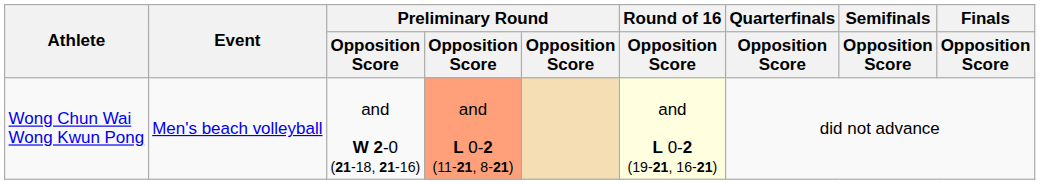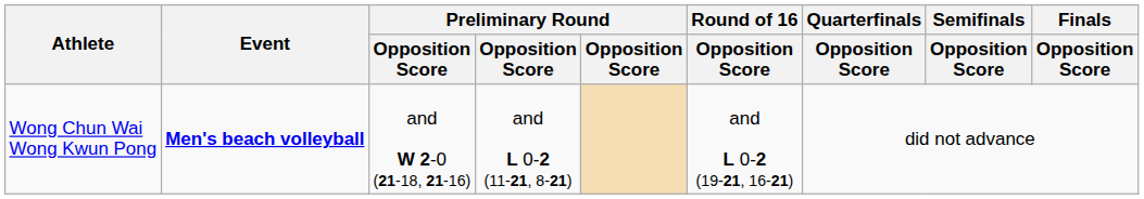 <table class="wikitable" border="1" style="font-size:90%">
 <tr>
 <th rowspan=2>Athlete</th>
 <th rowspan=2>Event</th>
 <th colspan=3>Preliminary Round</th>
 <th>Round of 16</th>
 <th>Quarterfinals</th>
 <th>Semifinals</th>
 <th>Finals</th>
 </tr>
 <tr>
 <th>Opposition<br>Score</th>
 <th>Opposition<br>Score</th>
 <th>Opposition<br>Score</th>
 <th>Opposition<br>Score</th>
 <th>Opposition<br>Score</th>
 <th>Opposition<br>Score</th>
 <th>Opposition<br>Score</th>
 </tr>
 <tr>
 <td><a href='#'>Wong Chun Wai</a> <br> <a href='#'>Wong Kwun Pong</a></td>
-<td><a href='#'>Men's beach volleyball</a></td>
+<td><strong><a href='#'>Men's beach volleyball</a></strong></td>
 <td align=center><br>and<br><br><strong>W</strong> <strong>2</strong>-0<br><small>(<strong>21</strong>-18, <strong>21</strong>-16)</small></td>
-<td align=center style="background: lightsalmon;"><br>and<br><br><strong>L</strong> 0-<strong>2</strong><br><small>(11-<strong>21</strong>, 8-<strong>21</strong>)</small></td>
+<td align=center><br>and<br><br><strong>L</strong> 0-<strong>2</strong><br><small>(11-<strong>21</strong>, 8-<strong>21</strong>)</small></td>
 <td bgcolor=wheat></td>
-<td align=center style="background: lightyellow;"><br>and<br><br><strong>L</strong> 0-<strong>2</strong><br><small>(19-<strong>21</strong>, 16-<strong>21</strong>)</small></td>
+<td align=center><br>and<br><br><strong>L</strong> 0-<strong>2</strong><br><small>(19-<strong>21</strong>, 16-<strong>21</strong>)</small></td>
 <td align=center colspan="7">did not advance</td>
 </tr>
 </table>
